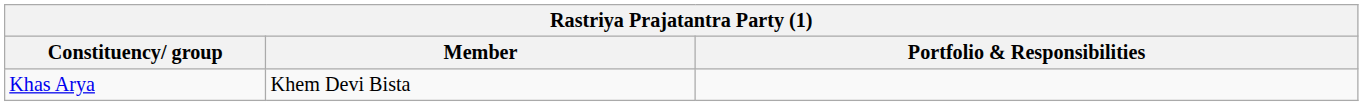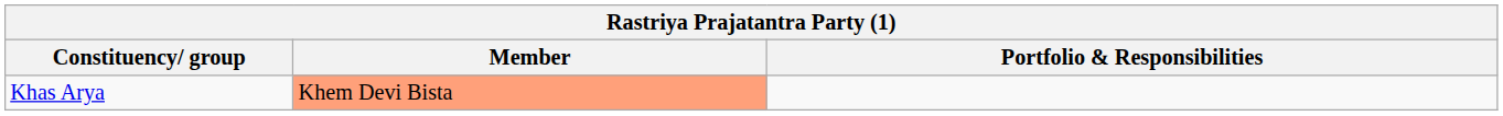 <table class="wikitable">
 <tr>
 <th colspan="3" style="width: 800pt; background:">Rastriya Prajatantra Party (1)</th>
 </tr>
 <tr>
 <th style="width:150pt;">Constituency/ group</th>
 <th style="width:250pt;">Member</th>
 <th>Portfolio & Responsibilities</th>
 </tr>
 <tr>
 <td><a href='#'>Khas Arya</a></td>
-<td>Khem Devi Bista</td>
+<td style="background: lightsalmon;">Khem Devi Bista</td>
 <td></td>
 </tr>
 </table>
